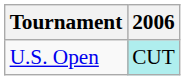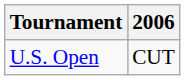 <table class="wikitable" style="font-size:95%;">
 <tr>
 <th>Tournament</th>
 <th>2006</th>
 </tr>
 <tr>
 <td><a href='#'>U.S. Open</a></td>
-<td align="center" style="background: paleturquoise;">CUT</td>
+<td align="center">CUT</td>
 </tr>
 </table>
